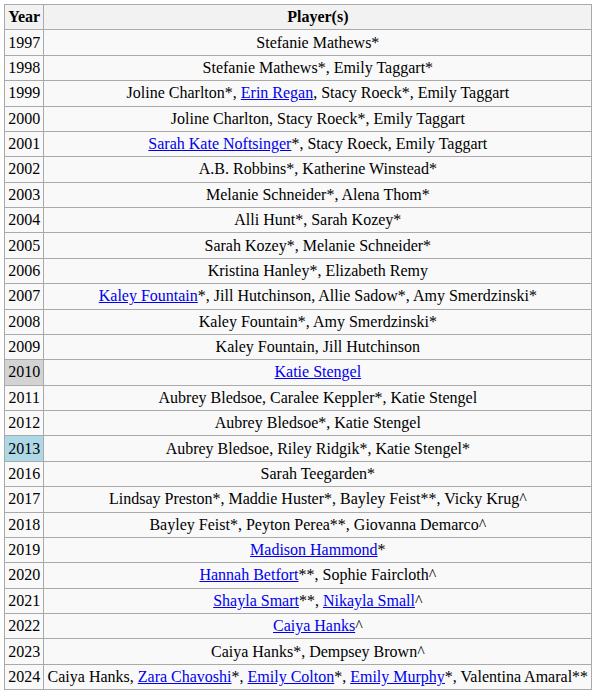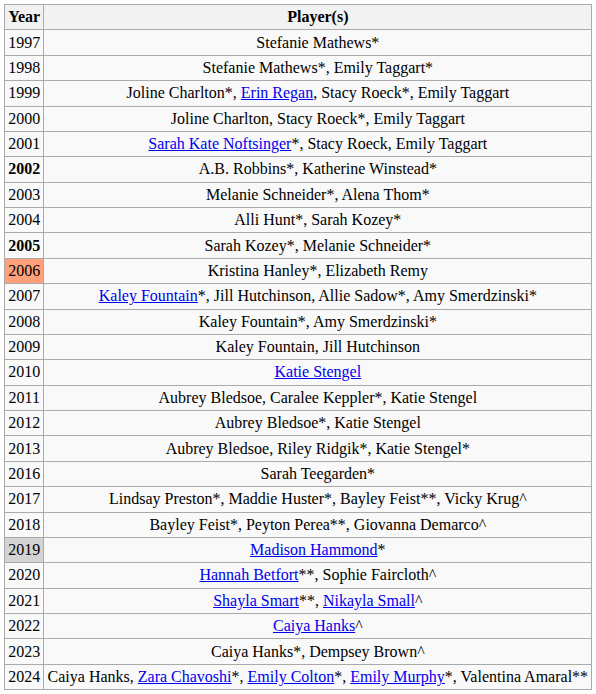 <table class="wikitable" style="text-align: center;">
 <tr>
 <th>Year</th>
 <th>Player(s)</th>
 </tr>
 <tr>
 <td>1997</td>
 <td>Stefanie Mathews*</td>
 </tr>
 <tr>
 <td>1998</td>
 <td>Stefanie Mathews*, Emily Taggart*</td>
 </tr>
 <tr>
 <td>1999</td>
 <td>Joline Charlton*, <a href='#'>Erin Regan</a>, Stacy Roeck*, Emily Taggart</td>
 </tr>
 <tr>
 <td>2000</td>
 <td>Joline Charlton, Stacy Roeck*, Emily Taggart</td>
 </tr>
 <tr>
 <td>2001</td>
 <td><a href='#'>Sarah Kate Noftsinger</a>*, Stacy Roeck, Emily Taggart</td>
 </tr>
 <tr>
-<td>2002</td>
+<td><strong>2002</strong></td>
 <td>A.B. Robbins*, Katherine Winstead*</td>
 </tr>
 <tr>
 <td>2003</td>
 <td>Melanie Schneider*, Alena Thom*</td>
 </tr>
 <tr>
 <td>2004</td>
 <td>Alli Hunt*, Sarah Kozey*</td>
 </tr>
 <tr>
-<td>2005</td>
+<td><strong>2005</strong></td>
 <td>Sarah Kozey*, Melanie Schneider*</td>
 </tr>
 <tr>
-<td>2006</td>
+<td style="background: lightsalmon;">2006</td>
 <td>Kristina Hanley*, Elizabeth Remy</td>
 </tr>
 <tr>
 <td>2007</td>
 <td><a href='#'>Kaley Fountain</a>*, Jill Hutchinson, Allie Sadow*, Amy Smerdzinski*</td>
 </tr>
 <tr>
 <td>2008</td>
 <td>Kaley Fountain*, Amy Smerdzinski*</td>
 </tr>
 <tr>
 <td>2009</td>
 <td>Kaley Fountain, Jill Hutchinson</td>
 </tr>
 <tr>
-<td style="background: lightgrey;">2010</td>
+<td>2010</td>
 <td><a href='#'>Katie Stengel</a></td>
 </tr>
 <tr>
 <td>2011</td>
 <td>Aubrey Bledsoe, Caralee Keppler*, Katie Stengel</td>
 </tr>
 <tr>
 <td>2012</td>
 <td>Aubrey Bledsoe*, Katie Stengel</td>
 </tr>
 <tr>
-<td style="background: lightblue;">2013</td>
+<td>2013</td>
 <td>Aubrey Bledsoe, Riley Ridgik*, Katie Stengel*</td>
 </tr>
 <tr>
 <td>2016</td>
 <td>Sarah Teegarden*</td>
 </tr>
 <tr>
 <td>2017</td>
 <td>Lindsay Preston*, Maddie Huster*, Bayley Feist**, Vicky Krug^</td>
 </tr>
 <tr>
 <td>2018</td>
 <td>Bayley Feist*, Peyton Perea**, Giovanna Demarco^</td>
 </tr>
 <tr>
-<td>2019</td>
+<td style="background: lightgrey;">2019</td>
 <td><a href='#'>Madison Hammond</a>*</td>
 </tr>
 <tr>
 <td>2020</td>
 <td><a href='#'>Hannah Betfort</a>**, Sophie Faircloth^</td>
 </tr>
 <tr>
 <td>2021</td>
 <td><a href='#'>Shayla Smart</a>**, <a href='#'>Nikayla Small</a>^</td>
 </tr>
 <tr>
 <td>2022</td>
 <td><a href='#'>Caiya Hanks</a>^</td>
 </tr>
 <tr>
 <td>2023</td>
 <td>Caiya Hanks*, Dempsey Brown^</td>
 </tr>
 <tr>
 <td>2024</td>
 <td>Caiya Hanks, <a href='#'>Zara Chavoshi</a>*, <a href='#'>Emily Colton</a>*, <a href='#'>Emily Murphy</a>*, Valentina Amaral**</td>
 </tr>
 </table>
